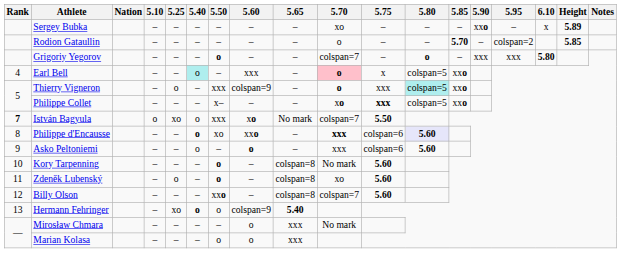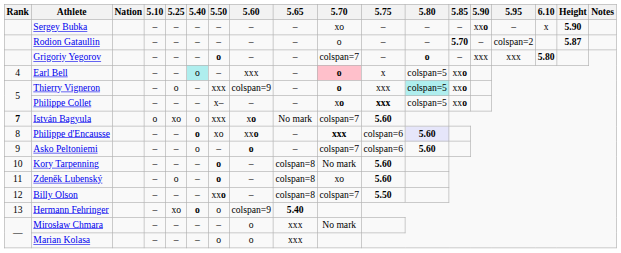 <table class="wikitable sortable" style="text-align:center">
 <tr>
 <th>Rank</th>
 <th>Athlete</th>
 <th>Nation</th>
 <th>5.10</th>
 <th>5.25</th>
 <th>5.40</th>
 <th>5.50</th>
 <th>5.60</th>
 <th>5.65</th>
 <th>5.70</th>
 <th>5.75</th>
 <th>5.80</th>
 <th>5.85</th>
 <th>5.90</th>
 <th>5.95</th>
 <th>6.10</th>
 <th>Height</th>
 <th>Notes</th>
 </tr>
 <tr>
 <td></td>
 <td align="left"><a href='#'>Sergey Bubka</a></td>
 <td align=left></td>
 <td>–</td>
 <td>–</td>
 <td>–</td>
 <td>–</td>
 <td>–</td>
 <td>–</td>
 <td>xo</td>
 <td>–</td>
 <td>–</td>
 <td>–</td>
 <td>xx<strong>o</strong></td>
 <td>–</td>
 <td>x</td>
-<td><strong>5.89</strong></td>
+<td><strong>5.90</strong></td>
 <td></td>
 </tr>
 <tr>
 <td></td>
 <td align="left"><a href='#'>Rodion Gataullin</a></td>
 <td align=left></td>
 <td>–</td>
 <td>–</td>
 <td>–</td>
 <td>–</td>
 <td>–</td>
 <td>–</td>
 <td>o</td>
 <td>–</td>
 <td>–</td>
 <td><strong>5.70</strong></td>
 <td>–</td>
 <td>colspan=2 </td>
 <td></td>
-<td><strong>5.85</strong></td>
+<td><strong>5.87</strong></td>
 <td></td>
 </tr>
 <tr>
 <td></td>
 <td align="left"><a href='#'>Grigoriy Yegorov</a></td>
 <td align=left></td>
 <td>–</td>
 <td>–</td>
 <td>–</td>
 <td><strong>o</strong></td>
 <td>–</td>
 <td>–</td>
 <td>colspan=7 </td>
 <td>–</td>
 <td><strong>o</strong></td>
 <td>–</td>
 <td>xxx</td>
 <td>xxx</td>
 <td><strong>5.80</strong></td>
 <td></td>
 </tr>
 <tr>
 <td>4</td>
 <td align="left"><a href='#'>Earl Bell</a></td>
 <td align=left></td>
 <td>–</td>
 <td>–</td>
 <td style="background: paleturquoise;">o</td>
 <td>–</td>
 <td>xxx</td>
 <td>–</td>
 <td style="background: pink;"><strong>o</strong></td>
 <td>x</td>
 <td>colspan=5 </td>
 <td>xx<strong>o</strong></td>
 <td></td>
 </tr>
 <tr>
 <td rowspan=2>5</td>
 <td align="left"><a href='#'>Thierry Vigneron</a></td>
 <td align=left></td>
 <td>–</td>
 <td>o</td>
 <td>–</td>
 <td>xxx</td>
 <td>colspan=9 </td>
 <td>–</td>
 <td><strong>o</strong></td>
 <td>xxx</td>
 <td style="background: paleturquoise;">colspan=5 </td>
 <td>xx<strong>o</strong></td>
 <td></td>
 </tr>
 <tr>
 <td align="left"><a href='#'>Philippe Collet</a></td>
 <td align=left></td>
 <td>–</td>
 <td>–</td>
 <td>–</td>
 <td>x–</td>
 <td>–</td>
 <td>–</td>
 <td>x<strong>o</strong></td>
 <td><strong>xxx</strong></td>
 <td>colspan=5 </td>
 <td>xx<strong>o</strong></td>
 <td></td>
 </tr>
 <tr>
 <td><strong>7</strong></td>
 <td align="left"><a href='#'>István Bagyula</a></td>
 <td align=left></td>
 <td>o</td>
 <td>xo</td>
 <td>o</td>
 <td>xxx</td>
 <td>x<strong>o</strong></td>
 <td data-sort-value=1.00>No mark</td>
 <td>colspan=7 </td>
-<td><strong>5.50</strong></td>
+<td><strong>5.60</strong></td>
 <td></td>
 </tr>
 <tr>
 <td>8</td>
 <td align="left"><a href='#'>Philippe d'Encausse</a></td>
 <td align=left></td>
 <td>–</td>
 <td>–</td>
 <td><strong>o</strong></td>
 <td>xo</td>
 <td>xx<strong>o</strong></td>
 <td>–</td>
 <td><strong>xxx</strong></td>
 <td>colspan=6 </td>
 <td style="background: lavender;"><strong>5.60</strong></td>
 <td></td>
 </tr>
 <tr>
 <td>9</td>
 <td align="left"><a href='#'>Asko Peltoniemi</a></td>
 <td align=left></td>
 <td>–</td>
 <td>–</td>
 <td>o</td>
 <td>–</td>
 <td><strong>o</strong></td>
 <td>–</td>
-<td>xxx</td>
+<td>colspan=7 </td>
 <td>colspan=6 </td>
 <td><strong>5.60</strong></td>
 <td></td>
 </tr>
 <tr>
 <td>10</td>
 <td align="left"><a href='#'>Kory Tarpenning</a></td>
 <td align=left></td>
 <td>–</td>
 <td>–</td>
 <td>–</td>
 <td><strong>o</strong></td>
 <td>–</td>
 <td>colspan=8 </td>
 <td data-sort-value=1.00>No mark</td>
 <td><strong>5.60</strong></td>
 <td></td>
 </tr>
 <tr>
 <td>11</td>
 <td align="left"><a href='#'>Zdeněk Lubenský</a></td>
 <td align=left></td>
 <td>–</td>
 <td>o</td>
 <td>–</td>
 <td><strong>o</strong></td>
 <td>–</td>
 <td>colspan=8 </td>
 <td>xo</td>
 <td><strong>5.60</strong></td>
 <td></td>
 </tr>
 <tr>
 <td>12</td>
 <td align="left"><a href='#'>Billy Olson</a></td>
 <td align=left></td>
 <td>–</td>
 <td>–</td>
 <td>–</td>
 <td>xx<strong>o</strong></td>
 <td>–</td>
 <td>colspan=8 </td>
 <td>colspan=7 </td>
-<td><strong>5.60</strong></td>
+<td><strong>5.50</strong></td>
 <td></td>
 </tr>
 <tr>
 <td>13</td>
 <td align="left"><a href='#'>Hermann Fehringer</a></td>
 <td align=left></td>
 <td>–</td>
 <td>xo</td>
 <td><strong>o</strong></td>
 <td>o</td>
 <td>colspan=9 </td>
 <td><strong>5.40</strong></td>
 <td></td>
 </tr>
 <tr>
 <td rowspan=2 data-sort-value=14>—</td>
 <td align="left"><a href='#'>Mirosław Chmara</a></td>
 <td align=left></td>
 <td>–</td>
 <td>–</td>
 <td>–</td>
 <td>–</td>
 <td>o</td>
 <td>xxx</td>
 <td data-sort-value=1.00>No mark</td>
 <td></td>
 </tr>
 <tr>
 <td align="left"><a href='#'>Marian Kolasa</a></td>
 <td align=left></td>
 <td>–</td>
 <td>–</td>
 <td>–</td>
 <td>o</td>
 <td>o</td>
 <td>xxx</td>
 <td></td>
 </tr>
 </table>
